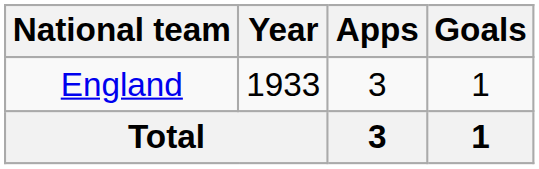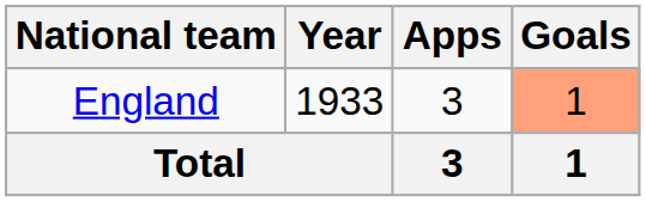 <table class="wikitable" style="text-align: center;">
 <tr>
 <th>National team</th>
 <th>Year</th>
 <th>Apps</th>
 <th>Goals</th>
 </tr>
 <tr>
 <td><a href='#'>England</a></td>
 <td>1933</td>
 <td>3</td>
-<td>1</td>
+<td style="background: lightsalmon;">1</td>
 </tr>
 <tr>
 <th colspan="2">Total</th>
 <th>3</th>
 <th>1</th>
 </tr>
 </table>
